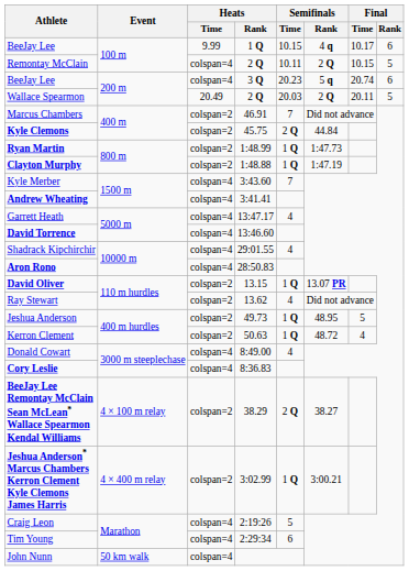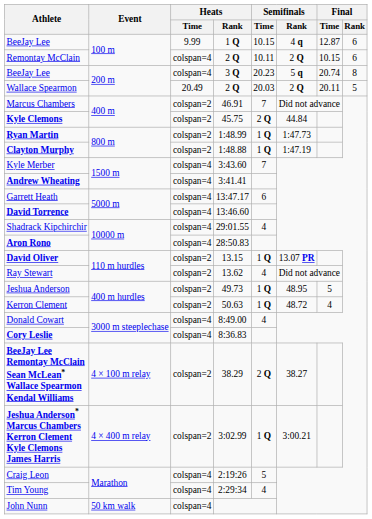 <table class=wikitable style="font-size:90%;">
 <tr>
 <th rowspan=2>Athlete</th>
 <th rowspan=2>Event</th>
 <th colspan=2>Heats</th>
 <th colspan=2>Semifinals</th>
 <th colspan=2>Final</th>
 </tr>
 <tr style="font-size:95%">
 <th>Time</th>
 <th>Rank</th>
 <th>Time</th>
 <th>Rank</th>
 <th>Time</th>
 <th>Rank</th>
 </tr>
 <tr align=center>
 <td align=left><a href='#'>BeeJay Lee</a></td>
 <td align=left rowspan=2><a href='#'>100 m</a></td>
 <td>9.99</td>
 <td>1 <strong>Q</strong></td>
 <td>10.15</td>
 <td>4 <strong>q</strong></td>
-<td>10.17</td>
+<td>12.87</td>
 <td>6</td>
 </tr>
 <tr align=center>
 <td align=left><a href='#'>Remontay McClain</a></td>
 <td>colspan=4 </td>
 <td>2 <strong>Q</strong></td>
 <td>10.11</td>
 <td>2 <strong>Q</strong></td>
 <td>10.15</td>
-<td>5</td>
+<td>6</td>
 </tr>
 <tr align=center>
 <td align=left><a href='#'>BeeJay Lee</a></td>
 <td align=left rowspan=2><a href='#'>200 m</a></td>
 <td>colspan=4 </td>
 <td>3 <strong>Q</strong></td>
 <td>20.23</td>
 <td>5 <strong>q</strong></td>
 <td>20.74</td>
-<td>6</td>
+<td>8</td>
 </tr>
 <tr align=center>
 <td align=left><a href='#'>Wallace Spearmon</a></td>
 <td>20.49</td>
 <td>2 <strong>Q</strong></td>
 <td>20.03</td>
 <td>2 <strong>Q</strong></td>
 <td>20.11</td>
 <td>5</td>
 </tr>
 <tr align=center>
 <td align=left><a href='#'>Marcus Chambers</a></td>
 <td align=left rowspan=2><a href='#'>400 m</a></td>
 <td>colspan=2 </td>
 <td>46.91</td>
 <td>7</td>
 <td colspan=2>Did not advance</td>
 </tr>
 <tr align=center>
 <td align=left><strong><a href='#'>Kyle Clemons</a></strong></td>
 <td>colspan=2 </td>
 <td>45.75</td>
 <td>2 <strong>Q</strong></td>
 <td>44.84</td>
 <td></td>
 </tr>
 <tr align=center>
 <td align=left><strong><a href='#'>Ryan Martin</a></strong></td>
 <td align=left rowspan=2><a href='#'>800 m</a></td>
 <td>colspan=2 </td>
 <td>1:48.99</td>
 <td>1 <strong>Q</strong></td>
 <td>1:47.73</td>
 <td></td>
 </tr>
 <tr align=center>
 <td align=left><strong><a href='#'>Clayton Murphy</a></strong></td>
 <td>colspan=2 </td>
 <td>1:48.88</td>
 <td>1 <strong>Q</strong></td>
 <td>1:47.19</td>
 <td></td>
 </tr>
 <tr align=center>
 <td align=left><a href='#'>Kyle Merber</a></td>
 <td align=left rowspan=2><a href='#'>1500 m</a></td>
 <td>colspan=4 </td>
 <td>3:43.60</td>
 <td>7</td>
 </tr>
 <tr align=center>
 <td align=left><strong><a href='#'>Andrew Wheating</a></strong></td>
 <td>colspan=4 </td>
 <td>3:41.41</td>
 <td></td>
 </tr>
 <tr align=center>
 <td align=left><a href='#'>Garrett Heath</a></td>
 <td align=left rowspan=2><a href='#'>5000 m</a></td>
 <td>colspan=4 </td>
 <td>13:47.17</td>
-<td>4</td>
+<td>6</td>
 </tr>
 <tr align=center>
 <td align=left><strong><a href='#'>David Torrence</a></strong></td>
 <td>colspan=4 </td>
 <td>13:46.60</td>
 <td></td>
 </tr>
 <tr align=center>
 <td align=left><a href='#'>Shadrack Kipchirchir</a></td>
 <td align=left rowspan=2><a href='#'>10000 m</a></td>
 <td>colspan=4 </td>
 <td>29:01.55</td>
 <td>4</td>
 </tr>
 <tr align=center>
 <td align=left><strong><a href='#'>Aron Rono</a></strong></td>
 <td>colspan=4 </td>
 <td>28:50.83</td>
 <td></td>
 </tr>
 <tr align=center>
 <td align=left><strong><a href='#'>David Oliver</a></strong></td>
 <td align=left rowspan=2><a href='#'>110 m hurdles</a></td>
 <td>colspan=2 </td>
 <td>13.15</td>
 <td>1 <strong>Q</strong></td>
 <td>13.07 <strong><a href='#'>PR</a></strong></td>
 <td></td>
 </tr>
 <tr align=center>
 <td align=left><a href='#'>Ray Stewart</a></td>
 <td>colspan=2 </td>
 <td>13.62</td>
 <td>4</td>
 <td colspan=2>Did not advance</td>
 </tr>
 <tr align=center>
 <td align=left><a href='#'>Jeshua Anderson</a></td>
 <td align=left rowspan=2><a href='#'>400 m hurdles</a></td>
 <td>colspan=2 </td>
 <td>49.73</td>
 <td>1 <strong>Q</strong></td>
 <td>48.95</td>
 <td>5</td>
 </tr>
 <tr align=center>
 <td align=left><a href='#'>Kerron Clement</a></td>
 <td>colspan=2 </td>
 <td>50.63</td>
 <td>1 <strong>Q</strong></td>
 <td>48.72</td>
 <td>4</td>
 </tr>
 <tr align=center>
 <td align=left><a href='#'>Donald Cowart</a></td>
 <td align=left rowspan=2><a href='#'>3000 m steeplechase</a></td>
 <td>colspan=4 </td>
 <td>8:49.00</td>
 <td>4</td>
 </tr>
 <tr align=center>
 <td align=left><strong><a href='#'>Cory Leslie</a></strong></td>
 <td>colspan=4 </td>
 <td>8:36.83</td>
 <td></td>
 </tr>
 <tr align=center>
 <td align=left><strong><a href='#'>BeeJay Lee</a><br><a href='#'>Remontay McClain</a><br><a href='#'>Sean McLean</a><sup>*</sup><br><a href='#'>Wallace Spearmon</a><br><a href='#'>Kendal Williams</a></strong></td>
 <td align=left><a href='#'>4 × 100 m relay</a></td>
 <td>colspan=2 </td>
 <td>38.29</td>
 <td>2 <strong>Q</strong></td>
 <td>38.27</td>
 <td></td>
 </tr>
 <tr align=center>
 <td align=left><strong><a href='#'>Jeshua Anderson</a><sup>*</sup><br><a href='#'>Marcus Chambers</a><br><a href='#'>Kerron Clement</a><br><a href='#'>Kyle Clemons</a><br><a href='#'>James Harris</a></strong></td>
 <td align=left><a href='#'>4 × 400 m relay</a></td>
 <td>colspan=2 </td>
 <td>3:02.99</td>
 <td>1 <strong>Q</strong></td>
 <td>3:00.21</td>
 <td></td>
 </tr>
 <tr align=center>
 <td align=left><a href='#'>Craig Leon</a></td>
 <td align=left rowspan=2><a href='#'>Marathon</a></td>
 <td>colspan=4 </td>
 <td>2:19:26</td>
 <td>5</td>
 </tr>
 <tr align=center>
 <td align=left><a href='#'>Tim Young</a></td>
 <td>colspan=4 </td>
 <td>2:29:34</td>
-<td>6</td>
+<td>4</td>
 </tr>
 <tr align=center>
 <td align=left><a href='#'>John Nunn</a></td>
 <td align=left><a href='#'>50 km walk</a></td>
 <td>colspan=4 </td>
 <td colspan=2></td>
 </tr>
 </table>
